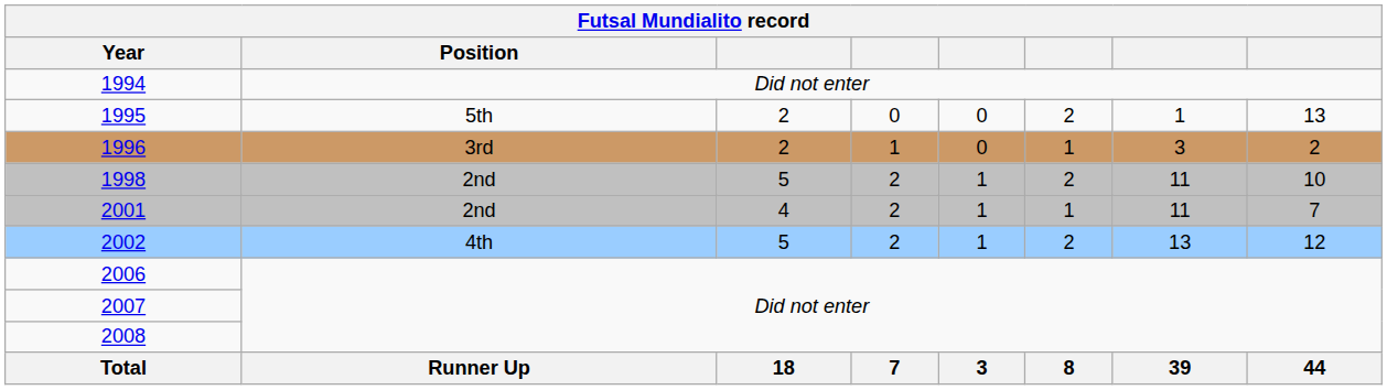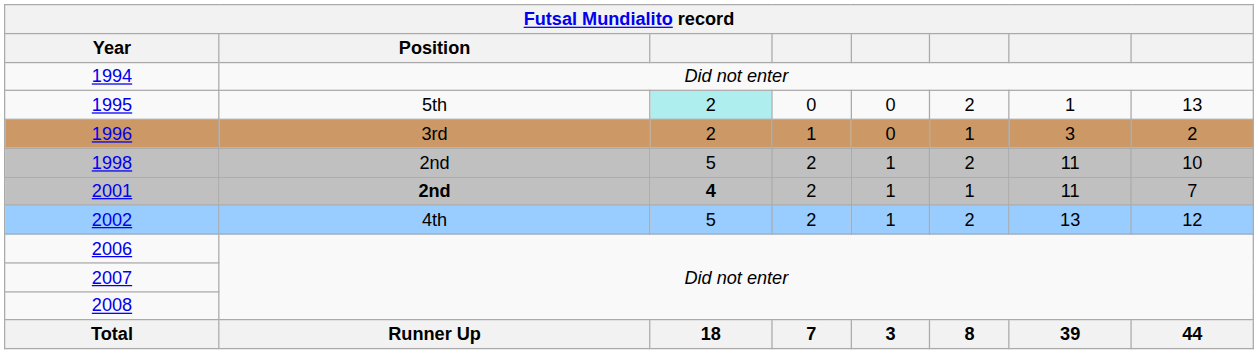 <table class="wikitable" width=50% style="text-align: center;font-size:90%;">
 <tr>
 <th colspan=9><a href='#'>Futsal Mundialito</a> record</th>
 </tr>
 <tr>
 <th>Year</th>
 <th>Position</th>
 <th></th>
 <th></th>
 <th></th>
 <th></th>
 <th></th>
 <th></th>
 </tr>
 <tr>
 <td> <a href='#'>1994</a></td>
 <td colspan=8><em>Did not enter</em></td>
 </tr>
 <tr>
 <td> <a href='#'>1995</a></td>
 <td>5th</td>
-<td>2</td>
+<td style="background: paleturquoise;">2</td>
 <td>0</td>
 <td>0</td>
 <td>2</td>
 <td>1</td>
 <td>13</td>
 </tr>
 <tr bgcolor=cc9966>
 <td> <a href='#'>1996</a></td>
 <td>3rd</td>
 <td>2</td>
 <td>1</td>
 <td>0</td>
 <td>1</td>
 <td>3</td>
 <td>2</td>
 </tr>
 <tr bgcolor=silver>
 <td> <a href='#'>1998</a></td>
 <td>2nd</td>
 <td>5</td>
 <td>2</td>
 <td>1</td>
 <td>2</td>
 <td>11</td>
 <td>10</td>
 </tr>
 <tr bgcolor=silver>
 <td> <a href='#'>2001</a></td>
-<td>2nd</td>
-<td>4</td>
+<td><strong>2nd</strong></td>
+<td><strong>4</strong></td>
 <td>2</td>
 <td>1</td>
 <td>1</td>
 <td>11</td>
 <td>7</td>
 </tr>
 <tr bgcolor=9acdff>
 <td> <a href='#'>2002</a></td>
 <td>4th</td>
 <td>5</td>
 <td>2</td>
 <td>1</td>
 <td>2</td>
 <td>13</td>
 <td>12</td>
 </tr>
 <tr>
 <td> <a href='#'>2006</a></td>
 <td rowspan=3 colspan=8><em>Did not enter</em></td>
 </tr>
 <tr>
 <td> <a href='#'>2007</a></td>
 </tr>
 <tr>
 <td> <a href='#'>2008</a></td>
 </tr>
 <tr>
 <th><strong>Total</strong></th>
 <th><strong>Runner Up</strong></th>
 <th>18</th>
 <th>7</th>
 <th>3</th>
 <th>8</th>
 <th>39</th>
 <th>44</th>
 </tr>
 </table>
